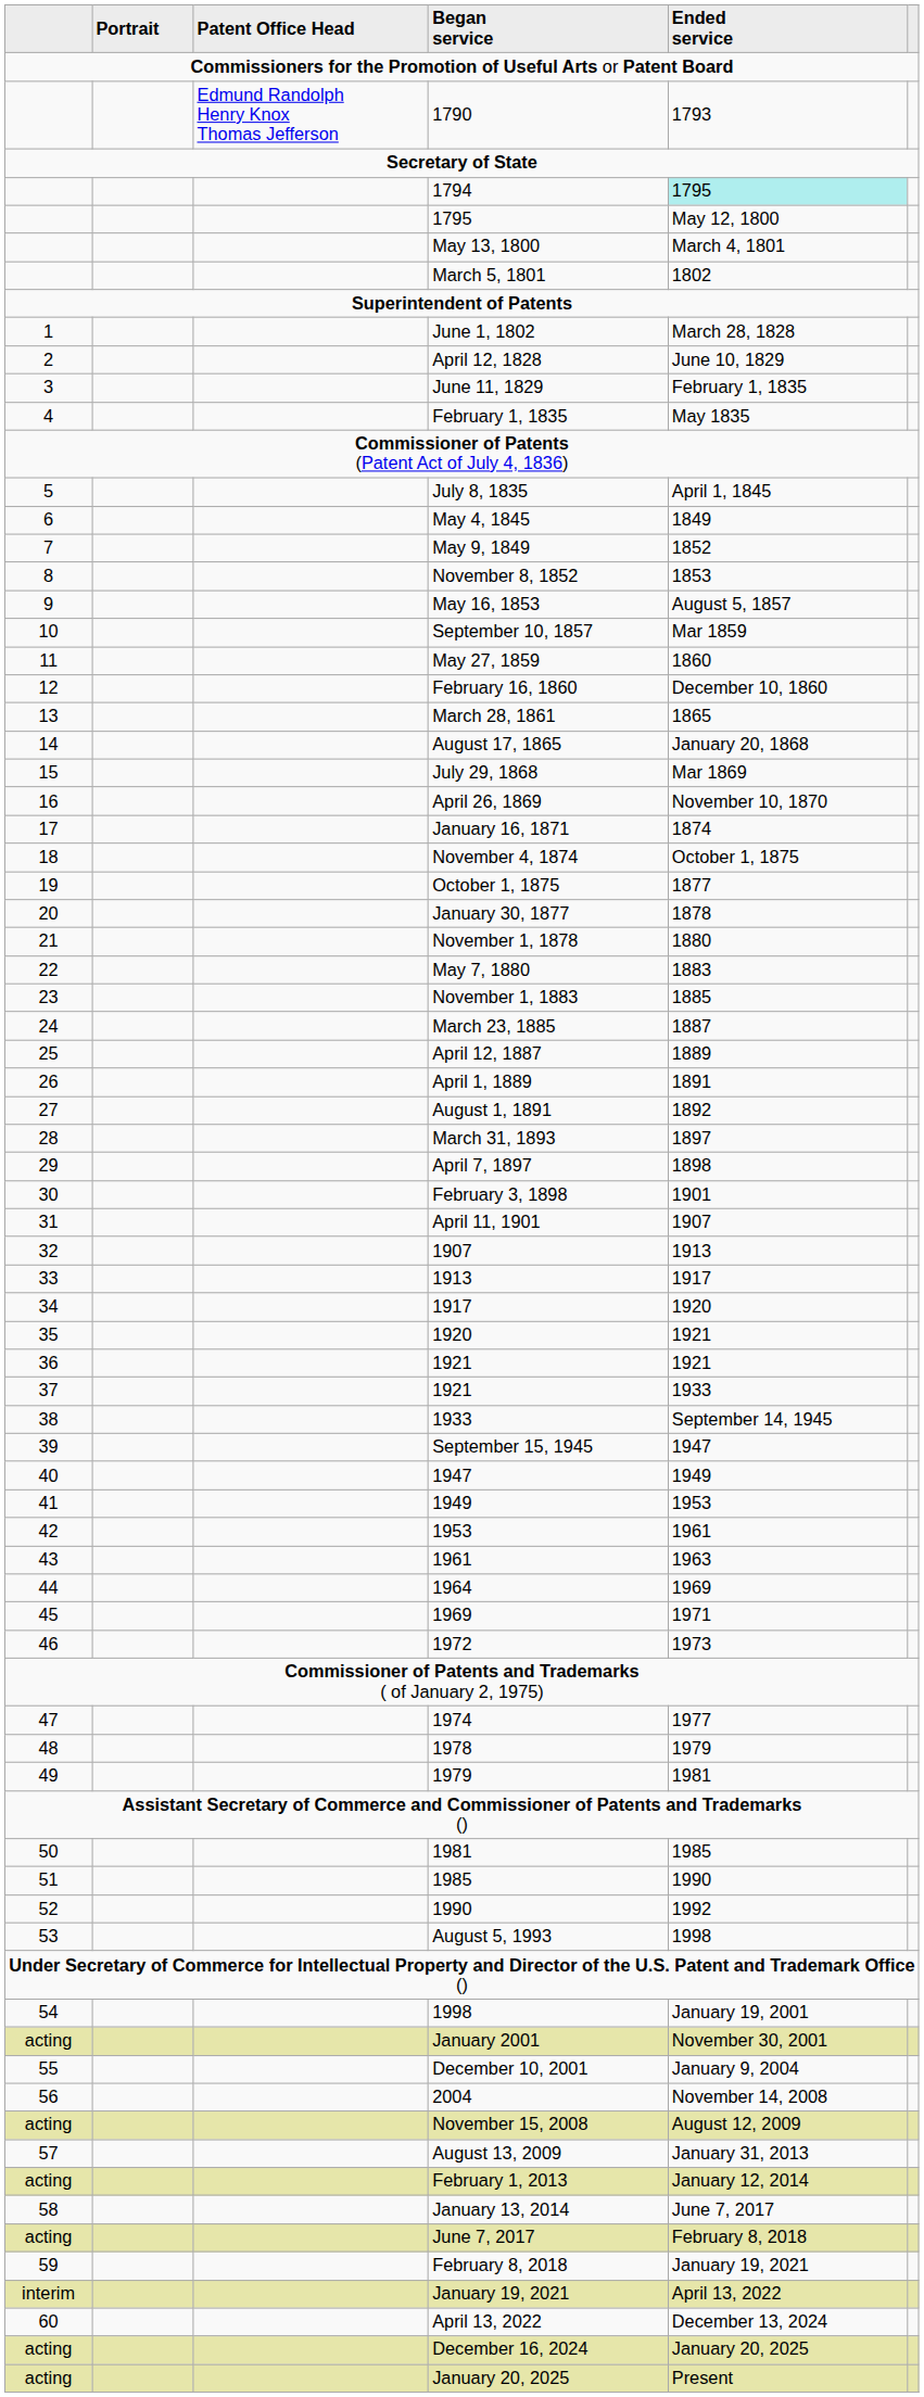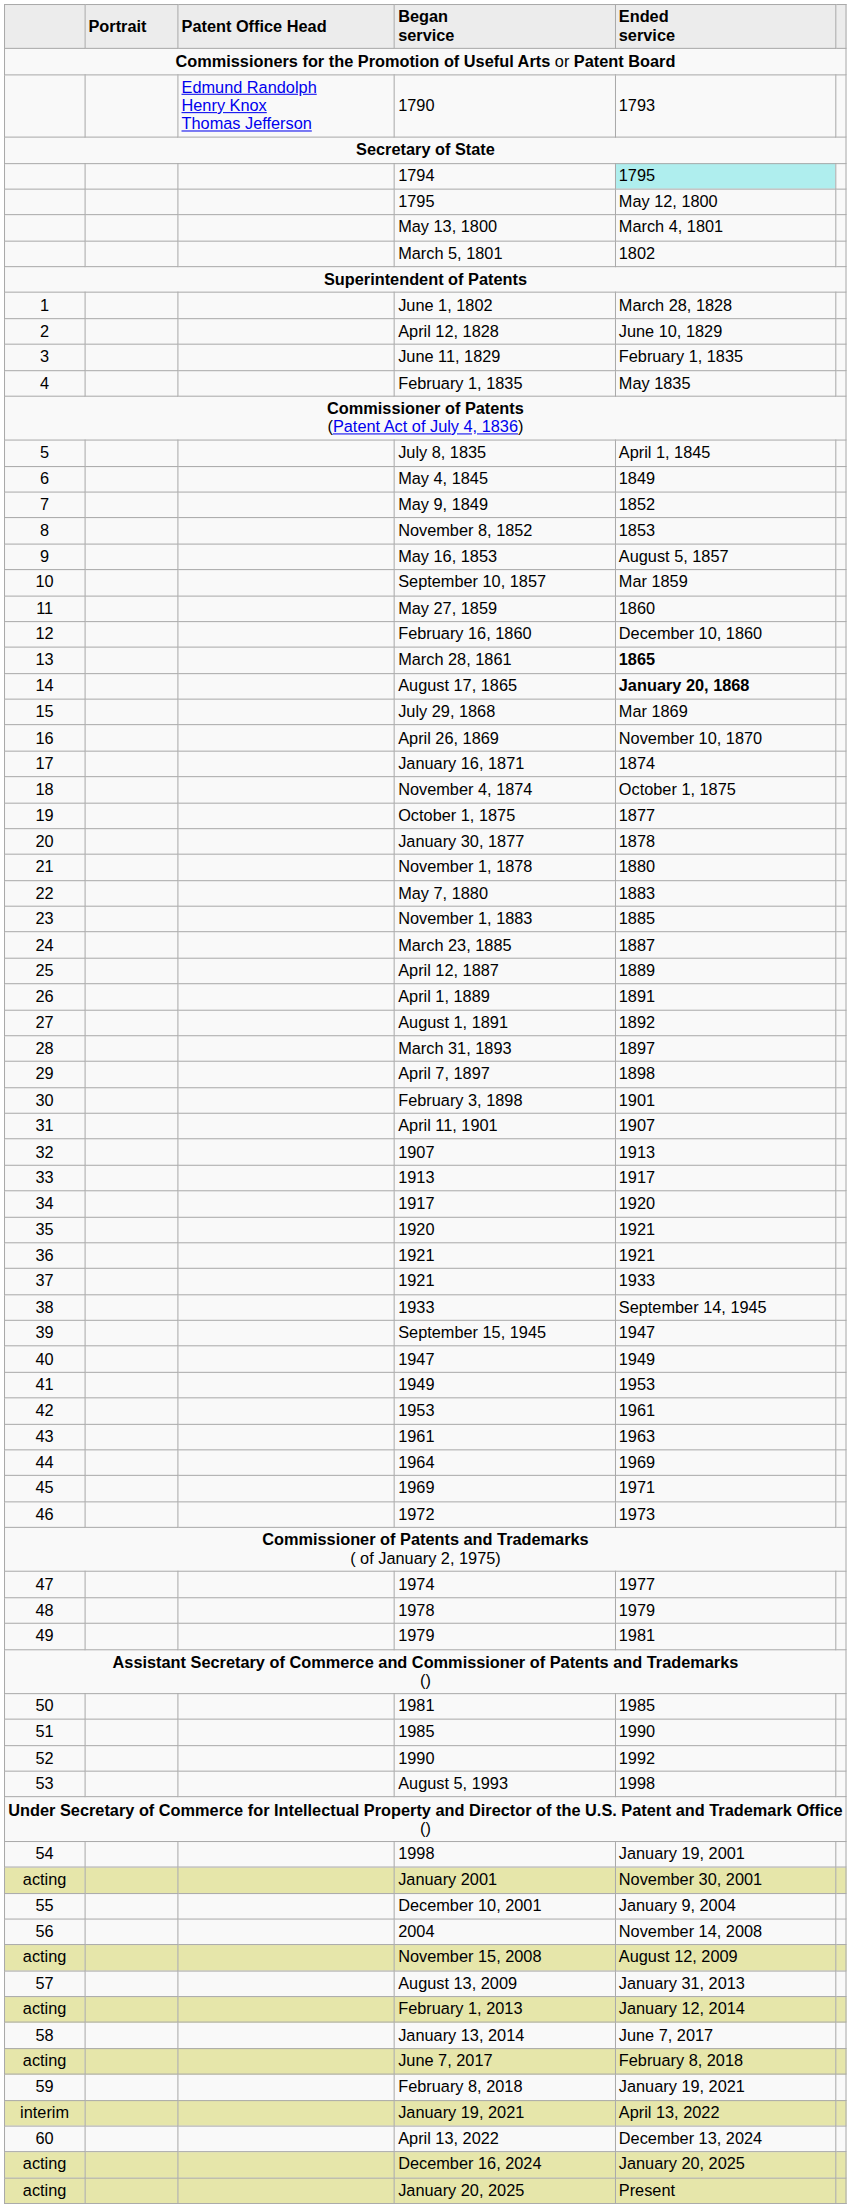 <table class="sortable wikitable">
 <tr bgcolor="#ececec">
 <td><strong></strong></td>
 <td><strong>Portrait</strong></td>
 <td><strong>Patent Office Head</strong></td>
 <td><strong>Began<br>service</strong></td>
 <td><strong>Ended<br>service</strong></td>
 <td><strong></strong></td>
 </tr>
 <tr>
 <td colspan="6" style="text-align: center;"><strong>Commissioners for the Promotion of Useful Arts</strong> or <strong>Patent Board</strong></td>
 </tr>
 <tr>
 <td></td>
 <td></td>
 <td><a href='#'>Edmund Randolph</a><br><a href='#'>Henry Knox</a><br><a href='#'>Thomas Jefferson</a></td>
 <td>1790</td>
 <td>1793</td>
 <td></td>
 </tr>
 <tr>
 <td colspan="6" style="text-align: center;"><strong>Secretary of State</strong></td>
 </tr>
 <tr>
 <td></td>
 <td></td>
 <td></td>
 <td>1794</td>
 <td style="background: paleturquoise;">1795</td>
 <td></td>
 </tr>
 <tr>
 <td></td>
 <td></td>
 <td></td>
 <td>1795</td>
 <td>May 12, 1800</td>
 <td></td>
 </tr>
 <tr>
 <td></td>
 <td></td>
 <td></td>
 <td>May 13, 1800</td>
 <td>March 4, 1801</td>
 <td></td>
 </tr>
 <tr>
 <td></td>
 <td></td>
 <td></td>
 <td>March 5, 1801</td>
 <td>1802</td>
 <td></td>
 </tr>
 <tr>
 <td colspan="6" style="text-align: center;"><strong>Superintendent of Patents</strong></td>
 </tr>
 <tr>
 <td style="text-align: center;">1</td>
 <td></td>
 <td></td>
 <td>June 1, 1802</td>
 <td>March 28, 1828</td>
 <td></td>
 </tr>
 <tr>
 <td style="text-align: center;">2</td>
 <td></td>
 <td></td>
 <td>April 12, 1828</td>
 <td>June 10, 1829</td>
 <td></td>
 </tr>
 <tr>
 <td style="text-align: center;">3</td>
 <td></td>
 <td></td>
 <td>June 11, 1829</td>
 <td>February 1, 1835</td>
 <td></td>
 </tr>
 <tr>
 <td style="text-align: center;">4</td>
 <td></td>
 <td></td>
 <td>February 1, 1835</td>
 <td>May 1835</td>
 <td></td>
 </tr>
 <tr>
 <td colspan="6" style="text-align: center;"><strong>Commissioner of Patents</strong><br>(<a href='#'>Patent Act of July 4, 1836</a>)</td>
 </tr>
 <tr>
 <td style="text-align: center;">5</td>
 <td></td>
 <td></td>
 <td>July 8, 1835</td>
 <td>April 1, 1845</td>
 <td></td>
 </tr>
 <tr>
 <td style="text-align: center;">6</td>
 <td></td>
 <td></td>
 <td>May 4, 1845</td>
 <td>1849</td>
 <td></td>
 </tr>
 <tr>
 <td style="text-align: center;">7</td>
 <td></td>
 <td></td>
 <td>May 9, 1849</td>
 <td>1852</td>
 <td></td>
 </tr>
 <tr>
 <td style="text-align: center;">8</td>
 <td></td>
 <td></td>
 <td>November 8, 1852</td>
 <td>1853</td>
 <td></td>
 </tr>
 <tr>
 <td style="text-align: center;">9</td>
 <td></td>
 <td></td>
 <td>May 16, 1853</td>
 <td>August 5, 1857</td>
 <td></td>
 </tr>
 <tr>
 <td style="text-align: center;">10</td>
 <td></td>
 <td></td>
 <td nowrap>September 10, 1857</td>
 <td>Mar 1859</td>
 <td></td>
 </tr>
 <tr>
 <td style="text-align: center;">11</td>
 <td></td>
 <td></td>
 <td>May 27, 1859</td>
 <td>1860</td>
 <td></td>
 </tr>
 <tr>
 <td style="text-align: center;">12</td>
 <td></td>
 <td></td>
 <td>February 16, 1860</td>
 <td>December 10, 1860</td>
 <td></td>
 </tr>
 <tr>
 <td style="text-align: center;">13</td>
 <td></td>
 <td></td>
 <td>March 28, 1861</td>
-<td>1865</td>
+<td><strong>1865</strong></td>
 <td></td>
 </tr>
 <tr>
 <td style="text-align: center;">14</td>
 <td></td>
 <td></td>
 <td>August 17, 1865</td>
-<td>January 20, 1868</td>
+<td><strong>January 20, 1868</strong></td>
 <td></td>
 </tr>
 <tr>
 <td style="text-align: center;">15</td>
 <td></td>
 <td></td>
 <td>July 29, 1868</td>
 <td>Mar 1869</td>
 <td></td>
 </tr>
 <tr>
 <td style="text-align: center;">16</td>
 <td></td>
 <td></td>
 <td>April 26, 1869</td>
 <td>November 10, 1870</td>
 <td></td>
 </tr>
 <tr>
 <td style="text-align: center;">17</td>
 <td></td>
 <td></td>
 <td>January 16, 1871</td>
 <td>1874</td>
 <td></td>
 </tr>
 <tr>
 <td style="text-align: center;">18</td>
 <td></td>
 <td></td>
 <td>November 4, 1874</td>
 <td>October 1, 1875</td>
 <td></td>
 </tr>
 <tr>
 <td style="text-align: center;">19</td>
 <td></td>
 <td></td>
 <td>October 1, 1875</td>
 <td>1877</td>
 <td></td>
 </tr>
 <tr>
 <td style="text-align: center;">20</td>
 <td></td>
 <td></td>
 <td>January 30, 1877</td>
 <td>1878</td>
 <td></td>
 </tr>
 <tr>
 <td style="text-align: center;">21</td>
 <td></td>
 <td></td>
 <td>November 1, 1878</td>
 <td>1880</td>
 <td></td>
 </tr>
 <tr>
 <td style="text-align: center;">22</td>
 <td></td>
 <td></td>
 <td>May 7, 1880</td>
 <td>1883</td>
 <td></td>
 </tr>
 <tr>
 <td style="text-align: center;">23</td>
 <td></td>
 <td></td>
 <td>November 1, 1883</td>
 <td>1885</td>
 <td></td>
 </tr>
 <tr>
 <td style="text-align: center;">24</td>
 <td></td>
 <td></td>
 <td>March 23, 1885</td>
 <td>1887</td>
 <td></td>
 </tr>
 <tr>
 <td style="text-align: center;">25</td>
 <td></td>
 <td></td>
 <td>April 12, 1887</td>
 <td>1889</td>
 <td></td>
 </tr>
 <tr>
 <td style="text-align: center;">26</td>
 <td></td>
 <td></td>
 <td>April 1, 1889</td>
 <td>1891</td>
 <td></td>
 </tr>
 <tr>
 <td style="text-align: center;">27</td>
 <td></td>
 <td></td>
 <td>August 1, 1891</td>
 <td>1892</td>
 <td></td>
 </tr>
 <tr>
 <td style="text-align: center;">28</td>
 <td></td>
 <td></td>
 <td>March 31, 1893</td>
 <td>1897</td>
 <td></td>
 </tr>
 <tr>
 <td style="text-align: center;">29</td>
 <td></td>
 <td></td>
 <td>April 7, 1897</td>
 <td>1898</td>
 <td></td>
 </tr>
 <tr>
 <td style="text-align: center;">30</td>
 <td></td>
 <td></td>
 <td>February 3, 1898</td>
 <td>1901</td>
 <td></td>
 </tr>
 <tr>
 <td style="text-align: center;">31</td>
 <td></td>
 <td></td>
 <td>April 11, 1901</td>
 <td>1907</td>
 <td></td>
 </tr>
 <tr>
 <td style="text-align: center;">32</td>
 <td></td>
 <td></td>
 <td>1907</td>
 <td>1913</td>
 <td></td>
 </tr>
 <tr>
 <td style="text-align: center;">33</td>
 <td></td>
 <td></td>
 <td>1913</td>
 <td>1917</td>
 <td></td>
 </tr>
 <tr>
 <td style="text-align: center;">34</td>
 <td></td>
 <td></td>
 <td>1917</td>
 <td>1920</td>
 <td></td>
 </tr>
 <tr>
 <td style="text-align: center;">35</td>
 <td></td>
 <td></td>
 <td>1920</td>
 <td>1921</td>
 <td></td>
 </tr>
 <tr>
 <td style="text-align: center;">36</td>
 <td></td>
 <td></td>
 <td>1921</td>
 <td>1921</td>
 <td></td>
 </tr>
 <tr>
 <td style="text-align: center;">37</td>
 <td></td>
 <td></td>
 <td>1921</td>
 <td>1933</td>
 <td></td>
 </tr>
 <tr>
 <td style="text-align: center;">38</td>
 <td></td>
 <td></td>
 <td>1933</td>
 <td nowrap>September 14, 1945</td>
 <td></td>
 </tr>
 <tr>
 <td style="text-align: center;">39</td>
 <td></td>
 <td></td>
 <td nowrap>September 15, 1945</td>
 <td>1947</td>
 <td></td>
 </tr>
 <tr>
 <td style="text-align: center;">40</td>
 <td></td>
 <td></td>
 <td>1947</td>
 <td>1949</td>
 <td></td>
 </tr>
 <tr>
 <td style="text-align: center;">41</td>
 <td></td>
 <td></td>
 <td>1949</td>
 <td>1953</td>
 <td></td>
 </tr>
 <tr>
 <td style="text-align: center;">42</td>
 <td></td>
 <td></td>
 <td>1953</td>
 <td>1961</td>
 <td></td>
 </tr>
 <tr>
 <td style="text-align: center;">43</td>
 <td></td>
 <td></td>
 <td>1961</td>
 <td>1963</td>
 <td></td>
 </tr>
 <tr>
 <td style="text-align: center;">44</td>
 <td></td>
 <td></td>
 <td>1964</td>
 <td>1969</td>
 <td></td>
 </tr>
 <tr>
 <td style="text-align: center;">45</td>
 <td></td>
 <td></td>
 <td>1969</td>
 <td>1971</td>
 <td></td>
 </tr>
 <tr>
 <td style="text-align: center;">46</td>
 <td></td>
 <td></td>
 <td>1972</td>
 <td>1973</td>
 <td></td>
 </tr>
 <tr>
 <td colspan="6" style="text-align: center;"><strong>Commissioner of Patents and Trademarks</strong><br>( of January 2, 1975)</td>
 </tr>
 <tr>
 <td style="text-align: center;">47</td>
 <td></td>
 <td></td>
 <td>1974</td>
 <td>1977</td>
 <td></td>
 </tr>
 <tr>
 <td style="text-align: center;">48</td>
 <td></td>
 <td></td>
 <td>1978</td>
 <td>1979</td>
 <td></td>
 </tr>
 <tr>
 <td style="text-align: center;">49</td>
 <td></td>
 <td></td>
 <td>1979</td>
 <td>1981</td>
 <td></td>
 </tr>
 <tr>
 <td colspan="6" style="text-align: center;"><strong>Assistant Secretary of Commerce and Commissioner of Patents and Trademarks</strong><br>()</td>
 </tr>
 <tr>
 <td style="text-align: center;">50</td>
 <td></td>
 <td></td>
 <td>1981</td>
 <td>1985</td>
 <td></td>
 </tr>
 <tr>
 <td style="text-align: center;">51</td>
 <td></td>
 <td></td>
 <td>1985</td>
 <td>1990</td>
 <td></td>
 </tr>
 <tr>
 <td style="text-align: center;">52</td>
 <td></td>
 <td></td>
 <td>1990</td>
 <td>1992</td>
 <td></td>
 </tr>
 <tr>
 <td style="text-align: center;">53</td>
 <td></td>
 <td></td>
 <td>August 5, 1993</td>
 <td>1998</td>
 <td></td>
 </tr>
 <tr>
 <td colspan="6" style="text-align: center;"><strong>Under Secretary of Commerce for Intellectual Property and Director of the U.S. Patent and Trademark Office</strong><br>()</td>
 </tr>
 <tr>
 <td style="text-align: center;">54</td>
 <td></td>
 <td></td>
 <td>1998</td>
 <td>January 19, 2001</td>
 <td></td>
 </tr>
 <tr bgcolor="#e6e6aa">
 <td style="text-align: center;">acting</td>
 <td></td>
 <td></td>
 <td>January 2001</td>
 <td nowrap>November 30, 2001</td>
 <td></td>
 </tr>
 <tr>
 <td style="text-align: center;">55</td>
 <td></td>
 <td></td>
 <td>December 10, 2001</td>
 <td>January 9, 2004</td>
 <td></td>
 </tr>
 <tr>
 <td style="text-align: center;">56</td>
 <td></td>
 <td></td>
 <td>2004</td>
 <td>November 14, 2008</td>
 <td></td>
 </tr>
 <tr bgcolor="#e6e6aa">
 <td style="text-align: center;">acting</td>
 <td></td>
 <td></td>
 <td>November 15, 2008</td>
 <td>August 12, 2009</td>
 <td></td>
 </tr>
 <tr>
 <td style="text-align: center;">57</td>
 <td></td>
 <td></td>
 <td>August 13, 2009</td>
 <td>January 31, 2013</td>
 <td></td>
 </tr>
 <tr bgcolor="#e6e6aa">
 <td style="text-align: center;">acting</td>
 <td></td>
 <td></td>
 <td>February 1, 2013</td>
 <td>January 12, 2014</td>
 <td></td>
 </tr>
 <tr>
 <td style="text-align: center;">58</td>
 <td></td>
 <td></td>
 <td>January 13, 2014</td>
 <td>June 7, 2017</td>
 <td></td>
 </tr>
 <tr bgcolor="#e6e6aa">
 <td style="text-align: center;">acting</td>
 <td></td>
 <td></td>
 <td>June 7, 2017</td>
 <td>February 8, 2018</td>
 <td></td>
 </tr>
 <tr>
 <td style="text-align: center;">59</td>
 <td></td>
 <td></td>
 <td>February 8, 2018</td>
 <td>January 19, 2021</td>
 <td></td>
 </tr>
 <tr bgcolor="#e6e6aa">
 <td style="text-align: center;">interim</td>
 <td></td>
 <td></td>
 <td>January 19, 2021</td>
 <td>April 13, 2022</td>
 <td></td>
 </tr>
 <tr>
 <td style="text-align: center;">60</td>
 <td></td>
 <td></td>
 <td>April 13, 2022</td>
 <td nowrap>December 13, 2024</td>
 <td></td>
 </tr>
 <tr bgcolor="#e6e6aa">
 <td style="text-align: center;">acting</td>
 <td></td>
 <td></td>
 <td nowrap>December 16, 2024</td>
 <td>January 20, 2025</td>
 <td></td>
 </tr>
 <tr bgcolor="#e6e6aa">
 <td style="text-align: center;">acting</td>
 <td></td>
 <td></td>
 <td>January 20, 2025</td>
 <td>Present</td>
 <td></td>
 </tr>
 <tr>
 </tr>
 </table>
